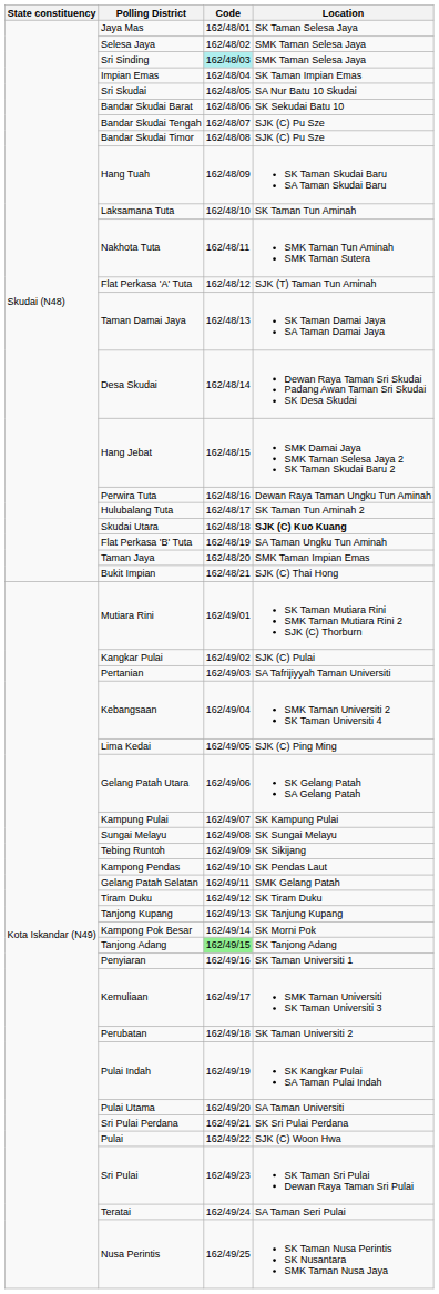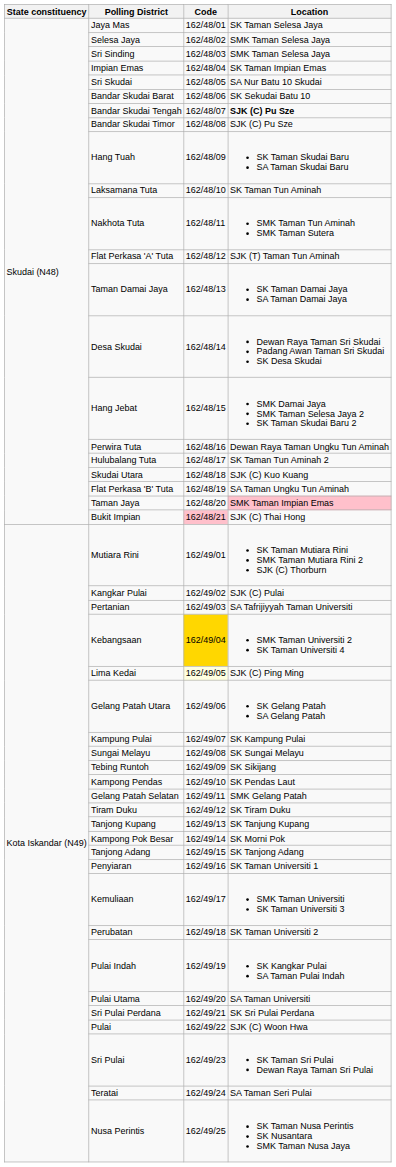 <table class="wikitable sortable mw-collapsible" style="white-space:nowrap;font-size:85%">
 <tr>
 <th>State constituency</th>
 <th>Polling District</th>
 <th>Code</th>
 <th>Location</th>
 </tr>
 <tr>
 <td rowspan="21">Skudai (N48)</td>
 <td>Jaya Mas</td>
 <td>162/48/01</td>
 <td>SK Taman Selesa Jaya</td>
 </tr>
 <tr>
 <td>Selesa Jaya</td>
 <td>162/48/02</td>
 <td>SMK Taman Selesa Jaya</td>
 </tr>
 <tr>
 <td>Sri Sinding</td>
-<td style="background: paleturquoise;">162/48/03</td>
+<td>162/48/03</td>
 <td>SMK Taman Selesa Jaya</td>
 </tr>
 <tr>
 <td>Impian Emas</td>
 <td>162/48/04</td>
 <td>SK Taman Impian Emas</td>
 </tr>
 <tr>
 <td>Sri Skudai</td>
 <td>162/48/05</td>
 <td>SA Nur Batu 10 Skudai</td>
 </tr>
 <tr>
 <td>Bandar Skudai Barat</td>
 <td>162/48/06</td>
 <td>SK Sekudai Batu 10</td>
 </tr>
 <tr>
 <td>Bandar Skudai Tengah</td>
 <td>162/48/07</td>
-<td>SJK (C) Pu Sze</td>
+<td><strong>SJK (C) Pu Sze</strong></td>
 </tr>
 <tr>
 <td>Bandar Skudai Timor</td>
 <td>162/48/08</td>
 <td>SJK (C) Pu Sze</td>
 </tr>
 <tr>
 <td>Hang Tuah</td>
 <td>162/48/09</td>
 <td><br><ul><li>SK Taman Skudai Baru</li><li>SA Taman Skudai Baru</li></ul></td>
 </tr>
 <tr>
 <td>Laksamana Tuta</td>
 <td>162/48/10</td>
 <td>SK Taman Tun Aminah</td>
 </tr>
 <tr>
 <td>Nakhota Tuta</td>
 <td>162/48/11</td>
 <td><br><ul><li>SMK Taman Tun Aminah</li><li>SMK Taman Sutera</li></ul></td>
 </tr>
 <tr>
 <td>Flat Perkasa 'A' Tuta</td>
 <td>162/48/12</td>
 <td>SJK (T) Taman Tun Aminah</td>
 </tr>
 <tr>
 <td>Taman Damai Jaya</td>
 <td>162/48/13</td>
 <td><br><ul><li>SK Taman Damai Jaya</li><li>SA Taman Damai Jaya</li></ul></td>
 </tr>
 <tr>
 <td>Desa Skudai</td>
 <td>162/48/14</td>
 <td><br><ul><li>Dewan Raya Taman Sri Skudai</li><li>Padang Awan Taman Sri Skudai</li><li>SK Desa Skudai</li></ul></td>
 </tr>
 <tr>
 <td>Hang Jebat</td>
 <td>162/48/15</td>
 <td><br><ul><li>SMK Damai Jaya</li><li>SMK Taman Selesa Jaya 2</li><li>SK Taman Skudai Baru 2</li></ul></td>
 </tr>
 <tr>
 <td>Perwira Tuta</td>
 <td>162/48/16</td>
 <td>Dewan Raya Taman Ungku Tun Aminah</td>
 </tr>
 <tr>
 <td>Hulubalang Tuta</td>
 <td>162/48/17</td>
 <td>SK Taman Tun Aminah 2</td>
 </tr>
 <tr>
 <td>Skudai Utara</td>
 <td>162/48/18</td>
-<td><strong>SJK (C) Kuo Kuang</strong></td>
+<td>SJK (C) Kuo Kuang</td>
 </tr>
 <tr>
 <td>Flat Perkasa 'B' Tuta</td>
 <td>162/48/19</td>
 <td>SA Taman Ungku Tun Aminah</td>
 </tr>
 <tr>
 <td>Taman Jaya</td>
 <td>162/48/20</td>
-<td>SMK Taman Impian Emas</td>
+<td style="background: pink;">SMK Taman Impian Emas</td>
 </tr>
 <tr>
 <td>Bukit Impian</td>
-<td>162/48/21</td>
+<td style="background: pink;">162/48/21</td>
 <td>SJK (C) Thai Hong</td>
 </tr>
 <tr>
 <td rowspan="25">Kota Iskandar (N49)</td>
 <td>Mutiara Rini</td>
 <td>162/49/01</td>
 <td><br><ul><li>SK Taman Mutiara Rini</li><li>SMK Taman Mutiara Rini 2</li><li>SJK (C) Thorburn</li></ul></td>
 </tr>
 <tr>
 <td>Kangkar Pulai</td>
 <td>162/49/02</td>
 <td>SJK (C) Pulai</td>
 </tr>
 <tr>
 <td>Pertanian</td>
 <td>162/49/03</td>
 <td>SA Tafrijiyyah Taman Universiti</td>
 </tr>
 <tr>
 <td>Kebangsaan</td>
-<td>162/49/04</td>
+<td style="background: gold;">162/49/04</td>
 <td><br><ul><li>SMK Taman Universiti 2</li><li>SK Taman Universiti 4</li></ul></td>
 </tr>
 <tr>
 <td>Lima Kedai</td>
-<td>162/49/05</td>
+<td style="background: lightyellow;">162/49/05</td>
 <td>SJK (C) Ping Ming</td>
 </tr>
 <tr>
 <td>Gelang Patah Utara</td>
 <td>162/49/06</td>
 <td><br><ul><li>SK Gelang Patah</li><li>SA Gelang Patah</li></ul></td>
 </tr>
 <tr>
 <td>Kampung Pulai</td>
 <td>162/49/07</td>
 <td>SK Kampung Pulai</td>
 </tr>
 <tr>
 <td>Sungai Melayu</td>
 <td>162/49/08</td>
 <td>SK Sungai Melayu</td>
 </tr>
 <tr>
 <td>Tebing Runtoh</td>
 <td>162/49/09</td>
 <td>SK Sikijang</td>
 </tr>
 <tr>
 <td>Kampong Pendas</td>
 <td>162/49/10</td>
 <td>SK Pendas Laut</td>
 </tr>
 <tr>
 <td>Gelang Patah Selatan</td>
 <td>162/49/11</td>
 <td>SMK Gelang Patah</td>
 </tr>
 <tr>
 <td>Tiram Duku</td>
 <td>162/49/12</td>
 <td>SK Tiram Duku</td>
 </tr>
 <tr>
 <td>Tanjong Kupang</td>
 <td>162/49/13</td>
 <td>SK Tanjung Kupang</td>
 </tr>
 <tr>
 <td>Kampong Pok Besar</td>
 <td>162/49/14</td>
 <td>SK Morni Pok</td>
 </tr>
 <tr>
 <td>Tanjong Adang</td>
-<td style="background: lightgreen;">162/49/15</td>
+<td>162/49/15</td>
 <td>SK Tanjong Adang</td>
 </tr>
 <tr>
 <td>Penyiaran</td>
 <td>162/49/16</td>
 <td>SK Taman Universiti 1</td>
 </tr>
 <tr>
 <td>Kemuliaan</td>
 <td>162/49/17</td>
 <td><br><ul><li>SMK Taman Universiti</li><li>SK Taman Universiti 3</li></ul></td>
 </tr>
 <tr>
 <td>Perubatan</td>
 <td>162/49/18</td>
 <td>SK Taman Universiti 2</td>
 </tr>
 <tr>
 <td>Pulai Indah</td>
 <td>162/49/19</td>
 <td><br><ul><li>SK Kangkar Pulai</li><li>SA Taman Pulai Indah</li></ul></td>
 </tr>
 <tr>
 <td>Pulai Utama</td>
 <td>162/49/20</td>
 <td>SA Taman Universiti</td>
 </tr>
 <tr>
 <td>Sri Pulai Perdana</td>
 <td>162/49/21</td>
 <td>SK Sri Pulai Perdana</td>
 </tr>
 <tr>
 <td>Pulai</td>
 <td>162/49/22</td>
 <td>SJK (C) Woon Hwa</td>
 </tr>
 <tr>
 <td>Sri Pulai</td>
 <td>162/49/23</td>
 <td><br><ul><li>SK Taman Sri Pulai</li><li>Dewan Raya Taman Sri Pulai</li></ul></td>
 </tr>
 <tr>
 <td>Teratai</td>
 <td>162/49/24</td>
 <td>SA Taman Seri Pulai</td>
 </tr>
 <tr>
 <td>Nusa Perintis</td>
 <td>162/49/25</td>
 <td><br><ul><li>SK Taman Nusa Perintis</li><li>SK Nusantara</li><li>SMK Taman Nusa Jaya</li></ul></td>
 </tr>
 </table>
